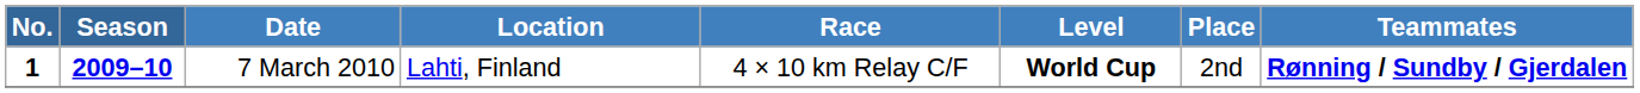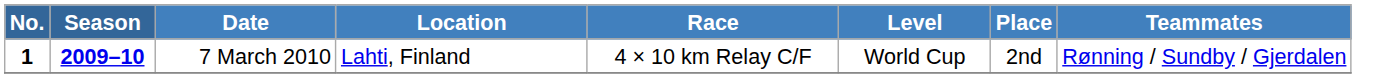 <table class="wikitable sortable" style="font-size:95%; text-align:center; border:grey solid 1px; border-collapse:collapse; background:#ffffff;">
 <tr style="background:#efefef;">
 <th style="background-color:#369; color:white;">No.</th>
 <th style="background-color:#369; color:white;">Season</th>
 <th style="background-color:#4180be; color:white; width:120px;">Date</th>
 <th style="background-color:#4180be; color:white; width:170px;">Location</th>
 <th style="background-color:#4180be; color:white; width:170px;">Race</th>
 <th style="background-color:#4180be; color:white; width:100px;">Level</th>
 <th style="background-color:#4180be; color:white;">Place</th>
 <th style="background-color:#4180be; color:white;">Teammates</th>
 </tr>
 <tr>
 <td align=center><strong>1</strong></td>
 <td rowspan=1 align=center><strong> <a href='#'>2009–10</a> </strong></td>
 <td align=right>7 March 2010</td>
 <td align=left> <a href='#'>Lahti</a>, Finland</td>
 <td>4 × 10 km Relay C/F</td>
-<td><strong>World Cup</strong></td>
+<td>World Cup</td>
 <td>2nd</td>
-<td><strong><a href='#'>Rønning</a> / <a href='#'>Sundby</a> / <a href='#'>Gjerdalen</a></strong></td>
+<td><a href='#'>Rønning</a> / <a href='#'>Sundby</a> / <a href='#'>Gjerdalen</a></td>
 </tr>
 <tr>
 </tr>
 </table>
